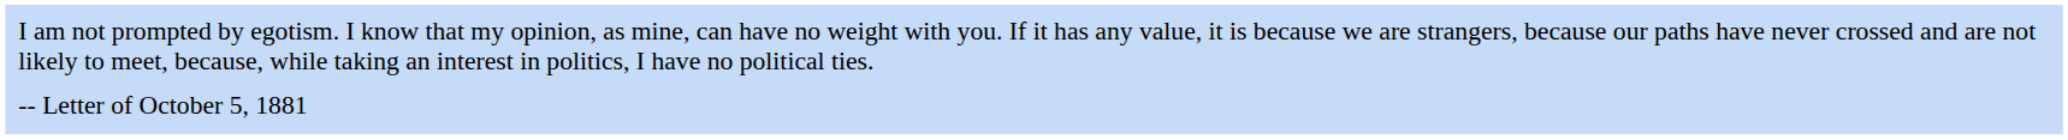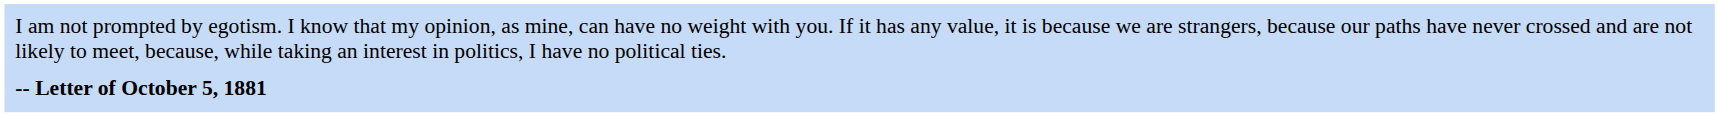 <table class="toccolours" style="float: right; margin-left: 1em; margin-right: 8em; font-size: 80%; background:#c6dbf7; color:black; width:80em; max-width: 80%;" cellspacing="5">
 <tr>
 <td style="text-align: left;">I am not prompted by egotism. I know that my opinion, as mine, can have no weight with you. If it has any value, it is because we are strangers, because our paths have never crossed and are not likely to meet, because, while taking an interest in politics, I have no political ties.</td>
 </tr>
 <tr>
-<td style="text-align: left;">-- Letter of October 5, 1881</td>
+<td style="text-align: left;"><strong>-- Letter of October 5, 1881</strong></td>
 </tr>
 </table>
